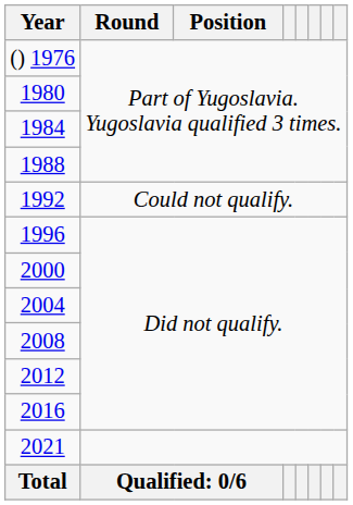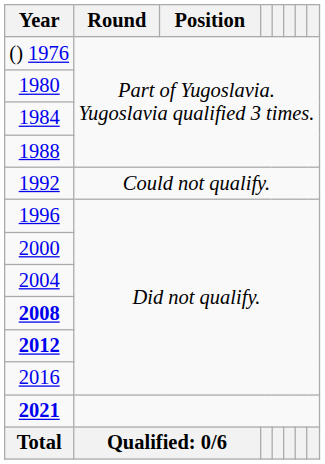 <table class="wikitable" style="text-align: center;">
 <tr>
 <th>Year</th>
 <th>Round</th>
 <th>Position</th>
 <th></th>
 <th></th>
 <th></th>
 <th></th>
 <th></th>
 </tr>
 <tr>
 <td> () <a href='#'>1976</a></td>
 <td colspan=7 rowspan=4><em>Part of Yugoslavia.</em><br><em>Yugoslavia qualified 3 times.</em></td>
 </tr>
 <tr>
 <td> <a href='#'>1980</a></td>
 </tr>
 <tr>
 <td> <a href='#'>1984</a></td>
 </tr>
 <tr>
 <td> <a href='#'>1988</a></td>
 </tr>
 <tr>
 <td> <a href='#'>1992</a></td>
 <td colspan=7><em>Could not qualify.</em></td>
 </tr>
 <tr>
 <td> <a href='#'>1996</a></td>
 <td colspan=7 rowspan=6><em>Did not qualify.</em></td>
 </tr>
 <tr>
 <td> <a href='#'>2000</a></td>
 </tr>
 <tr>
 <td> <a href='#'>2004</a></td>
 </tr>
 <tr>
-<td> <a href='#'>2008</a></td>
+<td><strong> <a href='#'>2008</a></strong></td>
 </tr>
 <tr>
-<td> <a href='#'>2012</a></td>
+<td><strong> <a href='#'>2012</a></strong></td>
 </tr>
 <tr>
 <td> <a href='#'>2016</a></td>
 </tr>
 <tr>
-<td> <a href='#'>2021</a></td>
+<td><strong> <a href='#'>2021</a></strong></td>
 </tr>
 <tr>
 <th>Total</th>
 <th colspan="2">Qualified: 0/6</th>
 <th></th>
 <th></th>
 <th></th>
 <th></th>
 <th></th>
 </tr>
 </table>
